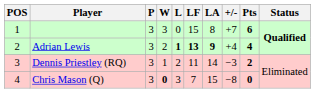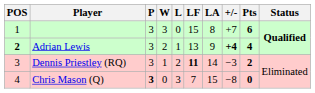 <table class="wikitable" style="text-align:center; margin: 1em auto 1em auto, align:left">
 <tr>
 <th width=20>POS</th>
 <th width=168>Player</th>
 <th width=3>P</th>
 <th width=3>W</th>
 <th width=3>L</th>
 <th width=20>LF</th>
 <th width=20>LA</th>
 <th width=20>+/-</th>
 <th width=20>Pts</th>
 <th width=70>Status</th>
 </tr>
 <tr style="background:#CCFFCC;">
 <td>1</td>
 <td style="text-align:left;"></td>
 <td>3</td>
 <td>3</td>
 <td>0</td>
 <td>15</td>
 <td>8</td>
 <td>+7</td>
 <td><strong>6</strong></td>
 <td rowspan=2><strong>Qualified</strong></td>
 </tr>
 <tr style="background:#CCFFCC;">
-<td>2</td>
+<td><strong>2</strong></td>
 <td style="text-align:left;"> <a href='#'>Adrian Lewis</a></td>
 <td>3</td>
 <td>2</td>
-<td><strong>1</strong></td>
-<td><strong>13</strong></td>
-<td><strong>9</strong></td>
-<td>+4</td>
+<td>1</td>
+<td>13</td>
+<td>9</td>
+<td><strong>+4</strong></td>
 <td><strong>4</strong></td>
 </tr>
 <tr style="background:#FFCCCC;">
 <td>3</td>
 <td style="text-align:left;"> <a href='#'>Dennis Priestley</a> (RQ)</td>
 <td>3</td>
 <td>1</td>
 <td>2</td>
-<td>11</td>
+<td><strong>11</strong></td>
 <td>14</td>
 <td>−3</td>
 <td><strong>2</strong></td>
 <td rowspan=2>Eliminated</td>
 </tr>
 <tr style="background:#FFCCCC;">
 <td>4</td>
 <td style="text-align:left;"> <a href='#'>Chris Mason</a> (Q)</td>
-<td>3</td>
-<td><strong>0</strong></td>
+<td><strong>3</strong></td>
+<td>0</td>
 <td>3</td>
 <td>7</td>
 <td>15</td>
 <td>−8</td>
 <td><strong>0</strong></td>
 </tr>
 </table>
